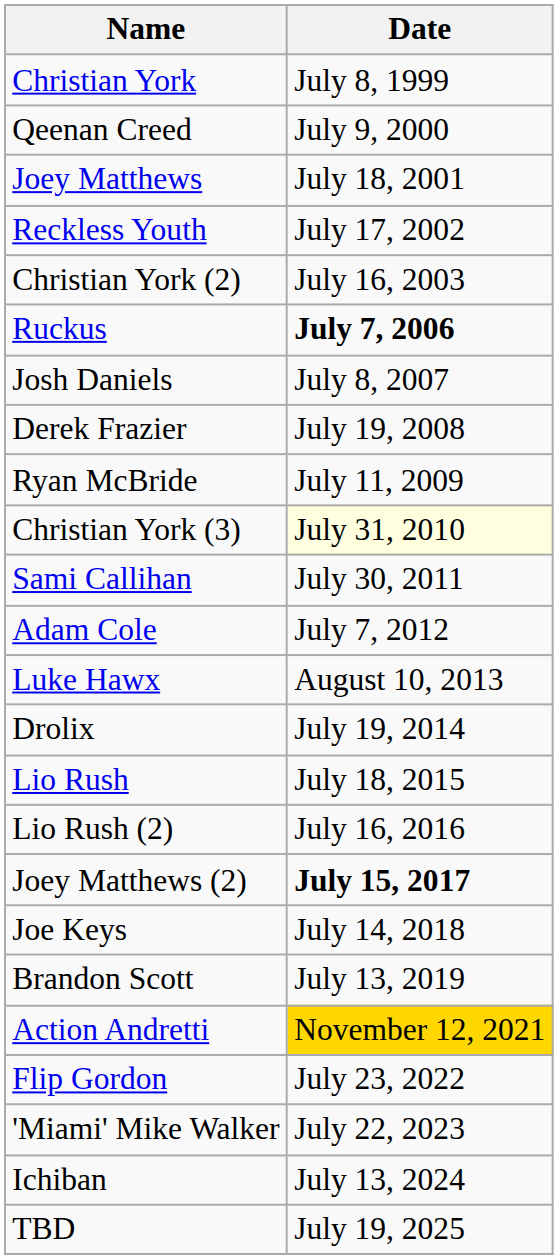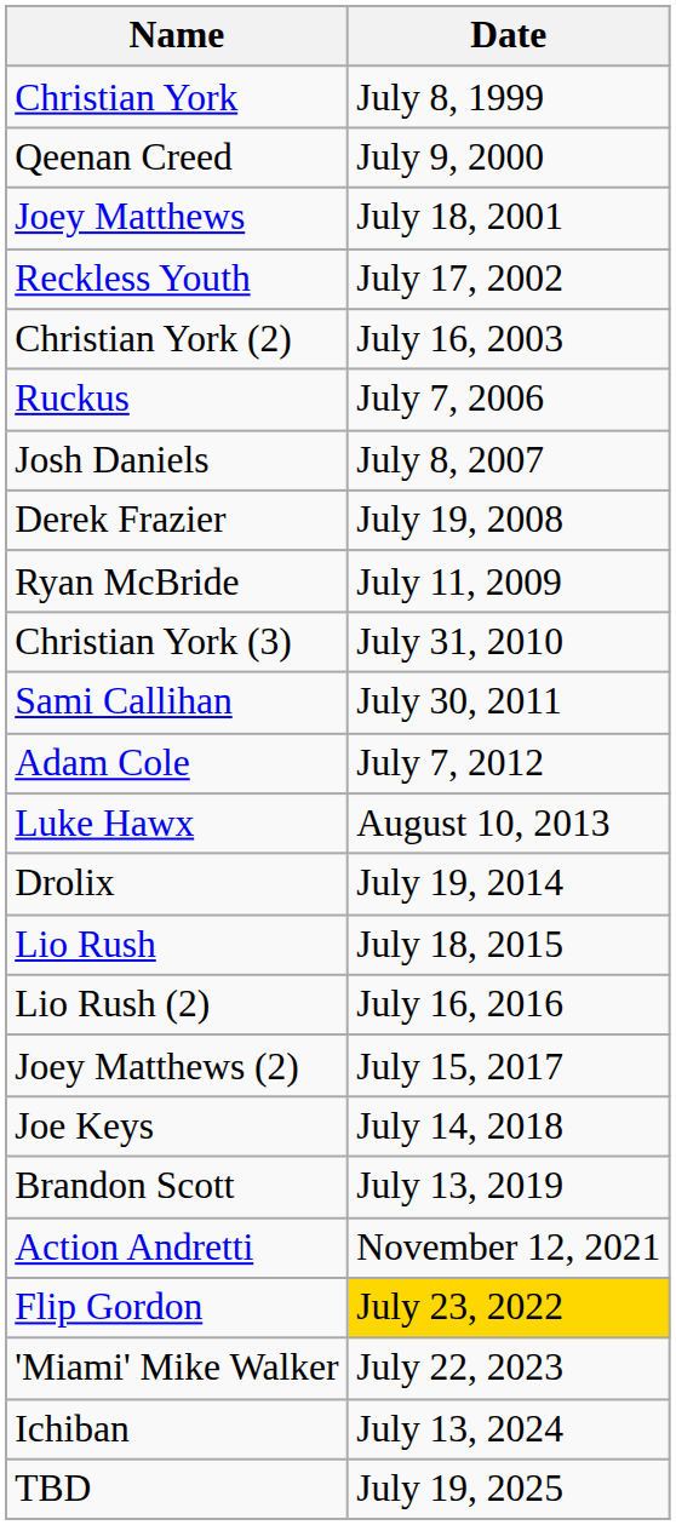 <table class="wikitable">
 <tr>
 <th>Name</th>
 <th>Date</th>
 </tr>
 <tr>
 <td><a href='#'>Christian York</a></td>
 <td>July 8, 1999</td>
 </tr>
 <tr>
 <td>Qeenan Creed</td>
 <td>July 9, 2000</td>
 </tr>
 <tr>
 <td><a href='#'>Joey Matthews</a></td>
 <td>July 18, 2001</td>
 </tr>
 <tr>
 <td><a href='#'>Reckless Youth</a></td>
 <td>July 17, 2002 </td>
 </tr>
 <tr>
 <td>Christian York (2)</td>
 <td>July 16, 2003</td>
 </tr>
 <tr>
 <td><a href='#'>Ruckus</a></td>
-<td><strong>July 7, 2006</strong></td>
+<td>July 7, 2006</td>
 </tr>
 <tr>
 <td>Josh Daniels</td>
 <td>July 8, 2007</td>
 </tr>
 <tr>
 <td>Derek Frazier</td>
 <td>July 19, 2008</td>
 </tr>
 <tr>
 <td>Ryan McBride</td>
 <td>July 11, 2009</td>
 </tr>
 <tr>
 <td>Christian York (3)</td>
-<td style="background: lightyellow;">July 31, 2010</td>
+<td>July 31, 2010</td>
 </tr>
 <tr>
 <td><a href='#'>Sami Callihan</a></td>
 <td>July 30, 2011</td>
 </tr>
 <tr>
 <td><a href='#'>Adam Cole</a></td>
 <td>July 7, 2012</td>
 </tr>
 <tr>
 <td><a href='#'>Luke Hawx</a></td>
 <td>August 10, 2013</td>
 </tr>
 <tr>
 <td>Drolix</td>
 <td>July 19, 2014</td>
 </tr>
 <tr>
 <td><a href='#'>Lio Rush</a></td>
 <td>July 18, 2015</td>
 </tr>
 <tr>
 <td>Lio Rush (2)</td>
 <td>July 16, 2016</td>
 </tr>
 <tr>
 <td>Joey Matthews (2)</td>
-<td><strong>July 15, 2017</strong></td>
+<td>July 15, 2017</td>
 </tr>
 <tr>
 <td>Joe Keys</td>
 <td>July 14, 2018</td>
 </tr>
 <tr>
 <td>Brandon Scott</td>
 <td>July 13, 2019</td>
 </tr>
 <tr>
 <td><a href='#'>Action Andretti</a></td>
-<td style="background: gold;">November 12, 2021</td>
+<td>November 12, 2021</td>
 </tr>
 <tr>
 <td><a href='#'>Flip Gordon</a></td>
-<td>July 23, 2022</td>
+<td style="background: gold;">July 23, 2022</td>
 </tr>
 <tr>
 <td>'Miami' Mike Walker</td>
 <td>July 22, 2023</td>
 </tr>
 <tr>
 <td>Ichiban</td>
 <td>July 13, 2024</td>
 </tr>
 <tr>
 <td>TBD</td>
 <td>July 19, 2025</td>
 </tr>
 </table>
